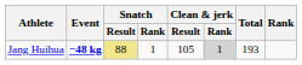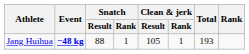 <table class="wikitable" style="font-size:90%">
 <tr>
 <th rowspan="2">Athlete</th>
 <th rowspan="2">Event</th>
 <th colspan="2">Snatch</th>
 <th colspan="2">Clean & jerk</th>
 <th rowspan="2">Total</th>
 <th rowspan="2">Rank</th>
 </tr>
 <tr style="font-size:95%">
 <th>Result</th>
 <th>Rank</th>
 <th>Result</th>
 <th>Rank</th>
 </tr>
 <tr align=center>
 <td align=left><a href='#'>Jang Huihua</a></td>
 <td align=left><strong><a href='#'>−48 kg</a></strong></td>
-<td style="background: khaki;">88</td>
+<td>88</td>
 <td>1</td>
 <td>105</td>
-<td style="background: lightgrey;">1</td>
+<td>1</td>
 <td>193</td>
 <td></td>
 </tr>
 </table>
